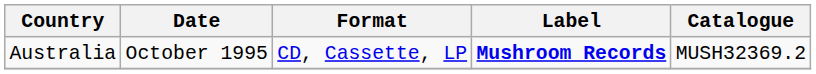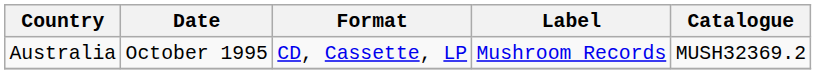 <table class="wikitable plainrowheaders">
 <tr>
 <th scope="col">Country</th>
 <th scope="col">Date</th>
 <th scope="col">Format</th>
 <th scope="col">Label</th>
 <th scope="col">Catalogue</th>
 </tr>
 <tr>
 <td rowspan="1">Australia</td>
 <td>October 1995</td>
 <td><a href='#'>CD</a>, <a href='#'>Cassette</a>, <a href='#'>LP</a></td>
-<td rowspan="1"><strong><a href='#'>Mushroom Records</a></strong></td>
+<td rowspan="1"><a href='#'>Mushroom Records</a></td>
 <td>MUSH32369.2</td>
 </tr>
 <tr>
 </tr>
 </table>
